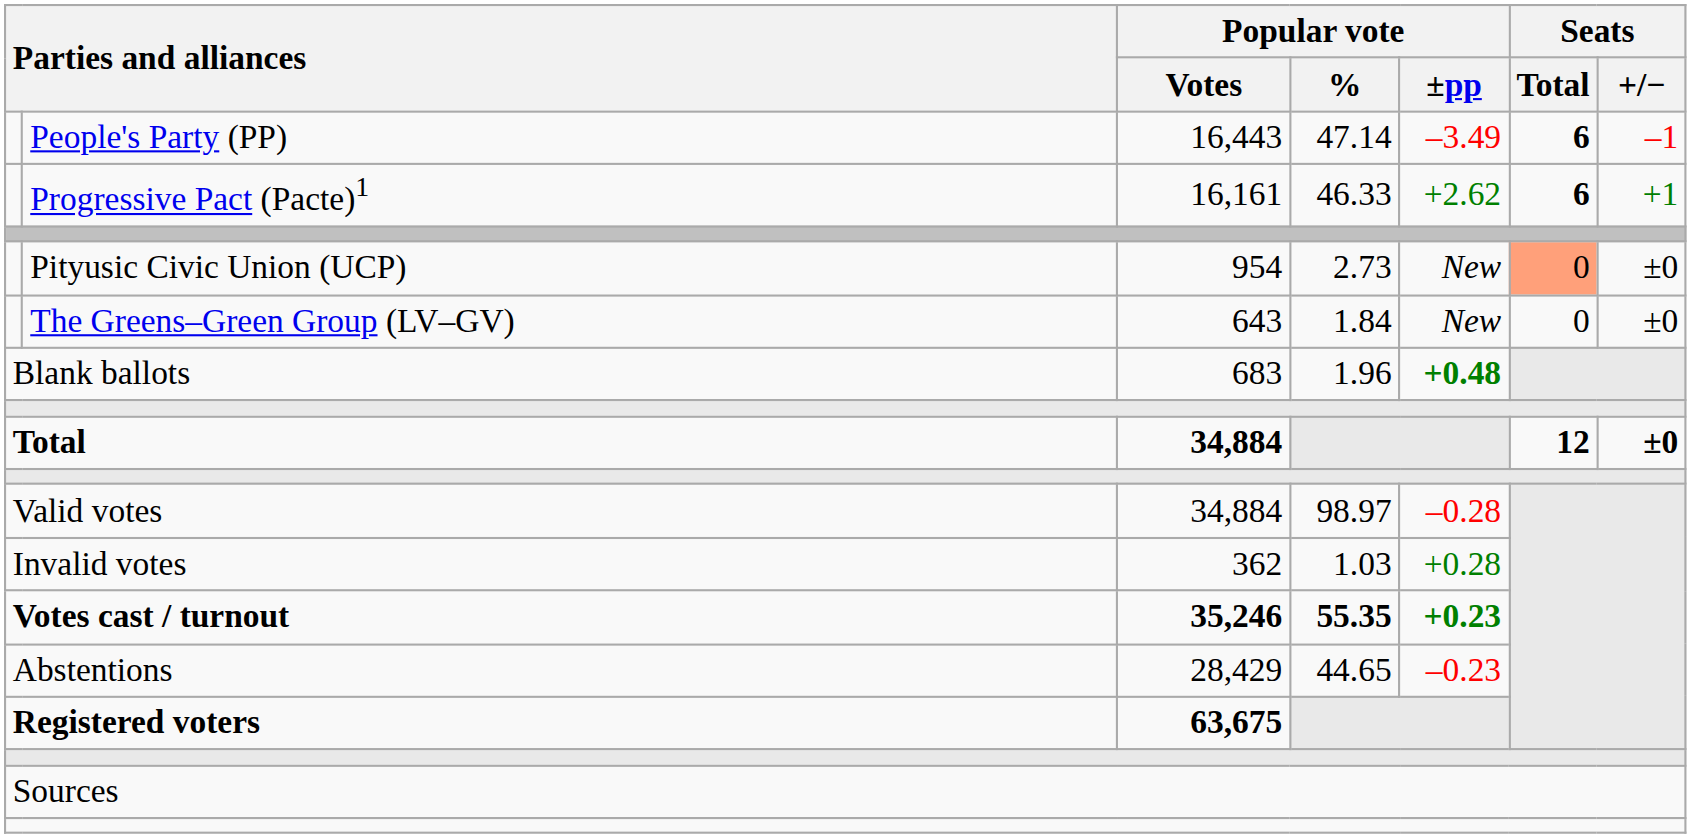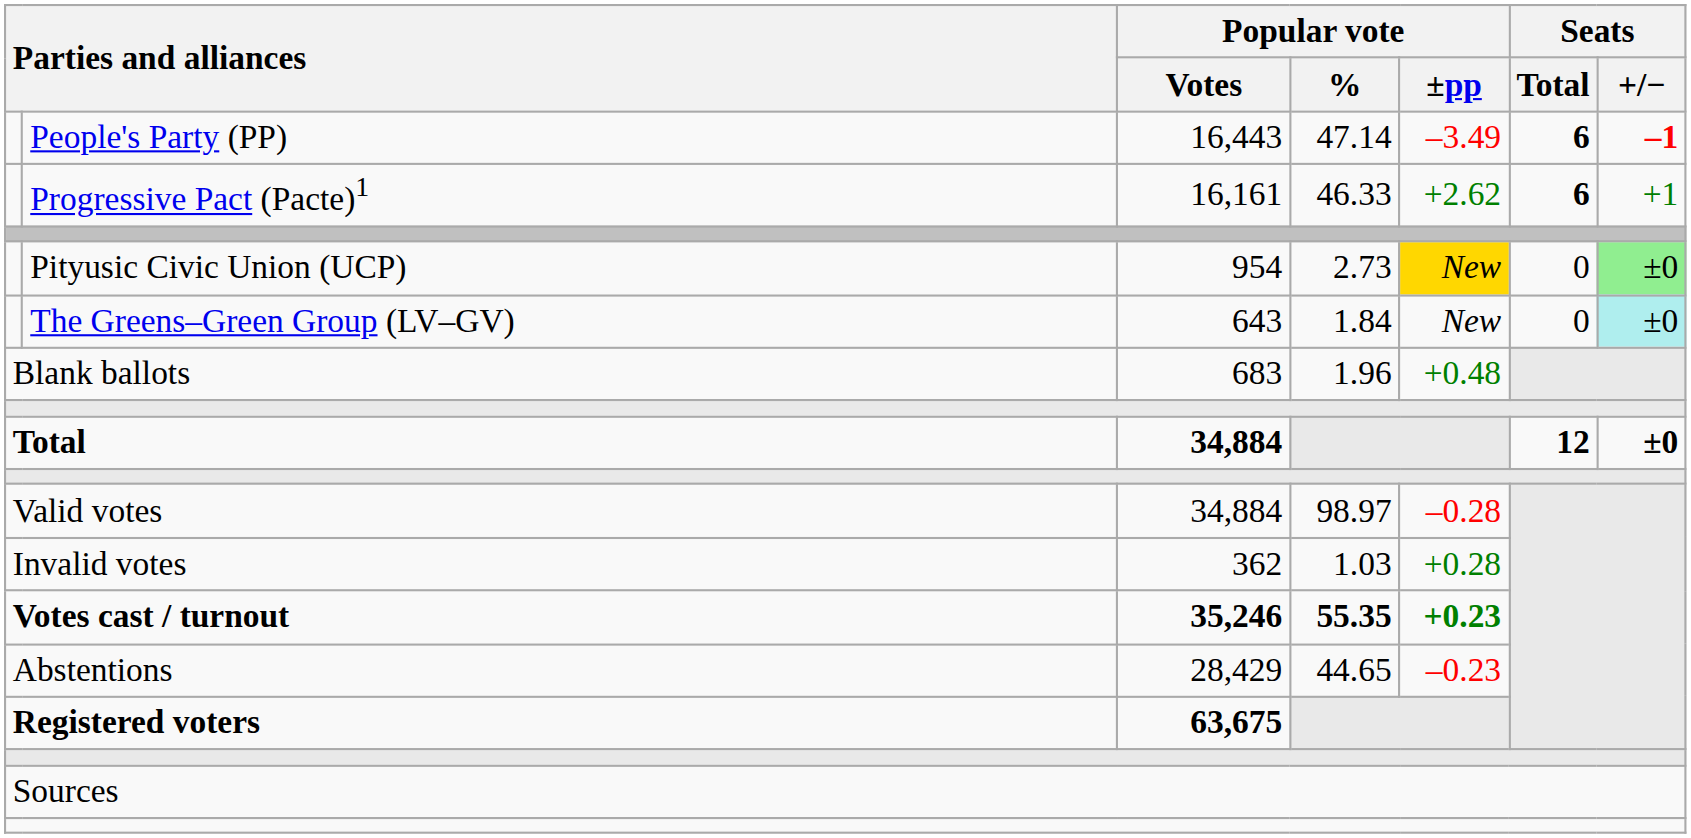 <table class="wikitable" style="text-align:right;">
 <tr>
 <th style="text-align:left;" rowspan="2" colspan="2" width="525">Parties and alliances</th>
 <th colspan="3">Popular vote</th>
 <th colspan="2">Seats</th>
 </tr>
 <tr>
 <th width="75">Votes</th>
 <th width="45">%</th>
 <th width="45">±<a href='#'>pp</a></th>
 <th width="35">Total</th>
 <th width="35">+/−</th>
 </tr>
 <tr>
 <td width="1" style="color:inherit;background:"></td>
 <td align="left"><a href='#'>People's Party</a> (PP)</td>
 <td>16,443</td>
 <td>47.14</td>
 <td style="color:red;">–3.49</td>
 <td><strong>6</strong></td>
-<td style="color:red;">–1</td>
+<td style="color:red;"><strong>–1</strong></td>
 </tr>
 <tr>
 <td style="color:inherit;background:"></td>
 <td align="left"><a href='#'>Progressive Pact</a> (Pacte)<sup>1</sup></td>
 <td>16,161</td>
 <td>46.33</td>
 <td style="color:green;">+2.62</td>
 <td><strong>6</strong></td>
 <td style="color:green;">+1</td>
 </tr>
 <tr>
 <td colspan="7" bgcolor="#C0C0C0"></td>
 </tr>
 <tr>
 <td style="color:inherit;background:"></td>
 <td align="left">Pityusic Civic Union (UCP)</td>
 <td>954</td>
 <td>2.73</td>
-<td><em>New</em></td>
-<td style="background: lightsalmon;">0</td>
-<td>±0</td>
+<td style="background: gold;"><em>New</em></td>
+<td>0</td>
+<td style="background: lightgreen;">±0</td>
 </tr>
 <tr>
 <td style="color:inherit;background:"></td>
 <td align="left"><a href='#'>The Greens–Green Group</a> (LV–GV)</td>
 <td>643</td>
 <td>1.84</td>
 <td><em>New</em></td>
 <td>0</td>
-<td>±0</td>
+<td style="background: paleturquoise;">±0</td>
 </tr>
 <tr>
 <td align="left" colspan="2">Blank ballots</td>
 <td>683</td>
 <td>1.96</td>
-<td style="color:green;"><strong>+0.48</strong></td>
+<td style="color:green;">+0.48</td>
 <td bgcolor="#E9E9E9" colspan="2"></td>
 </tr>
 <tr>
 <td colspan="7" bgcolor="#E9E9E9"></td>
 </tr>
 <tr style="font-weight:bold;">
 <td align="left" colspan="2">Total</td>
 <td>34,884</td>
 <td bgcolor="#E9E9E9" colspan="2"></td>
 <td>12</td>
 <td>±0</td>
 </tr>
 <tr>
 <td colspan="7" bgcolor="#E9E9E9"></td>
 </tr>
 <tr>
 <td align="left" colspan="2">Valid votes</td>
 <td>34,884</td>
 <td>98.97</td>
 <td style="color:red;">–0.28</td>
 <td bgcolor="#E9E9E9" colspan="2" rowspan="5"></td>
 </tr>
 <tr>
 <td align="left" colspan="2">Invalid votes</td>
 <td>362</td>
 <td>1.03</td>
 <td style="color:green;">+0.28</td>
 </tr>
 <tr style="font-weight:bold;">
 <td align="left" colspan="2">Votes cast / turnout</td>
 <td>35,246</td>
 <td>55.35</td>
 <td style="color:green;">+0.23</td>
 </tr>
 <tr>
 <td align="left" colspan="2">Abstentions</td>
 <td>28,429</td>
 <td>44.65</td>
 <td style="color:red;">–0.23</td>
 </tr>
 <tr style="font-weight:bold;">
 <td align="left" colspan="2">Registered voters</td>
 <td>63,675</td>
 <td bgcolor="#E9E9E9" colspan="2"></td>
 </tr>
 <tr>
 <td colspan="7" bgcolor="#E9E9E9"></td>
 </tr>
 <tr>
 <td align="left" colspan="7">Sources</td>
 </tr>
 <tr>
 <td colspan="7" style="text-align:left; max-width:790px;"></td>
 </tr>
 </table>
